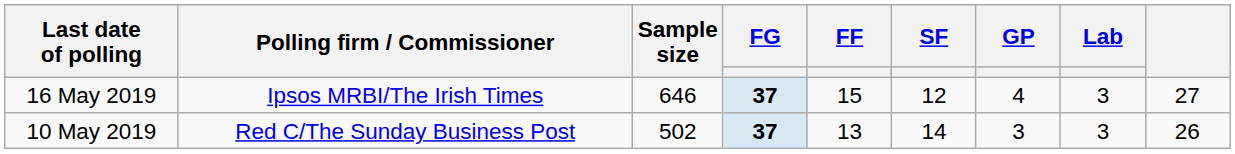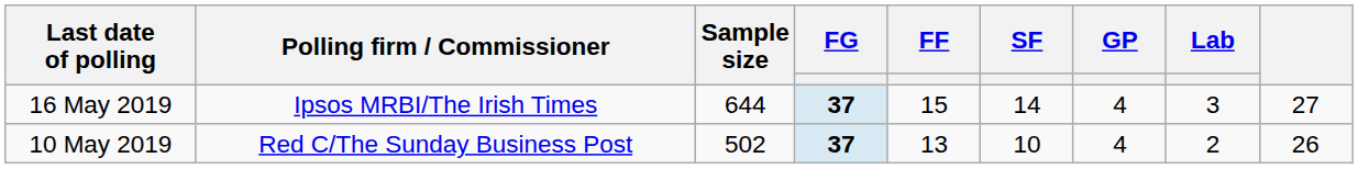 <table class="wikitable sortable collapsible" style="text-align:center;font-size:95%;">
 <tr style="height:42px;">
 <th style="width:110px;" rowspan="2">Last date<br>of polling</th>
 <th style="width:300px;" rowspan="2">Polling firm / Commissioner</th>
 <th class="unsortable" style="width:50px;" rowspan="2">Sample<br>size</th>
 <th class="unsortable" style="width:50px;"><a href='#'>FG</a></th>
 <th class="unsortable" style="width:50px;"><a href='#'>FF</a></th>
 <th class="unsortable" style="width:50px;"><a href='#'>SF</a></th>
 <th class="unsortable" style="width:50px;"><a href='#'>GP</a></th>
 <th class="unsortable" style="width:50px;"><a href='#'>Lab</a></th>
 <th class="unsortable" style="width:50px;" rowspan="2"></th>
 </tr>
 <tr>
 <th style="color:inherit;background:"></th>
 <th style="color:inherit;background:"></th>
 <th style="color:inherit;background:"></th>
 <th style="color:inherit;background:"></th>
 <th style="color:inherit;background:"></th>
 </tr>
 <tr>
 <td>16 May 2019</td>
 <td data-sort-value="IpsosMRBI1"><a href='#'>Ipsos MRBI/The Irish Times</a></td>
-<td>646</td>
+<td>644</td>
 <td style="background:#D9E9F4"><strong>37</strong></td>
 <td>15</td>
-<td>12</td>
+<td>14</td>
 <td>4</td>
 <td>3</td>
 <td>27</td>
 </tr>
 <tr>
 <td>10 May 2019</td>
 <td data-sort-value="RedC1"><a href='#'>Red C/The Sunday Business Post</a></td>
 <td>502</td>
 <td style="background:#D9E9F4"><strong>37</strong></td>
 <td>13</td>
-<td>14</td>
-<td>3</td>
-<td>3</td>
+<td>10</td>
+<td>4</td>
+<td>2</td>
 <td>26</td>
 </tr>
 </table>
